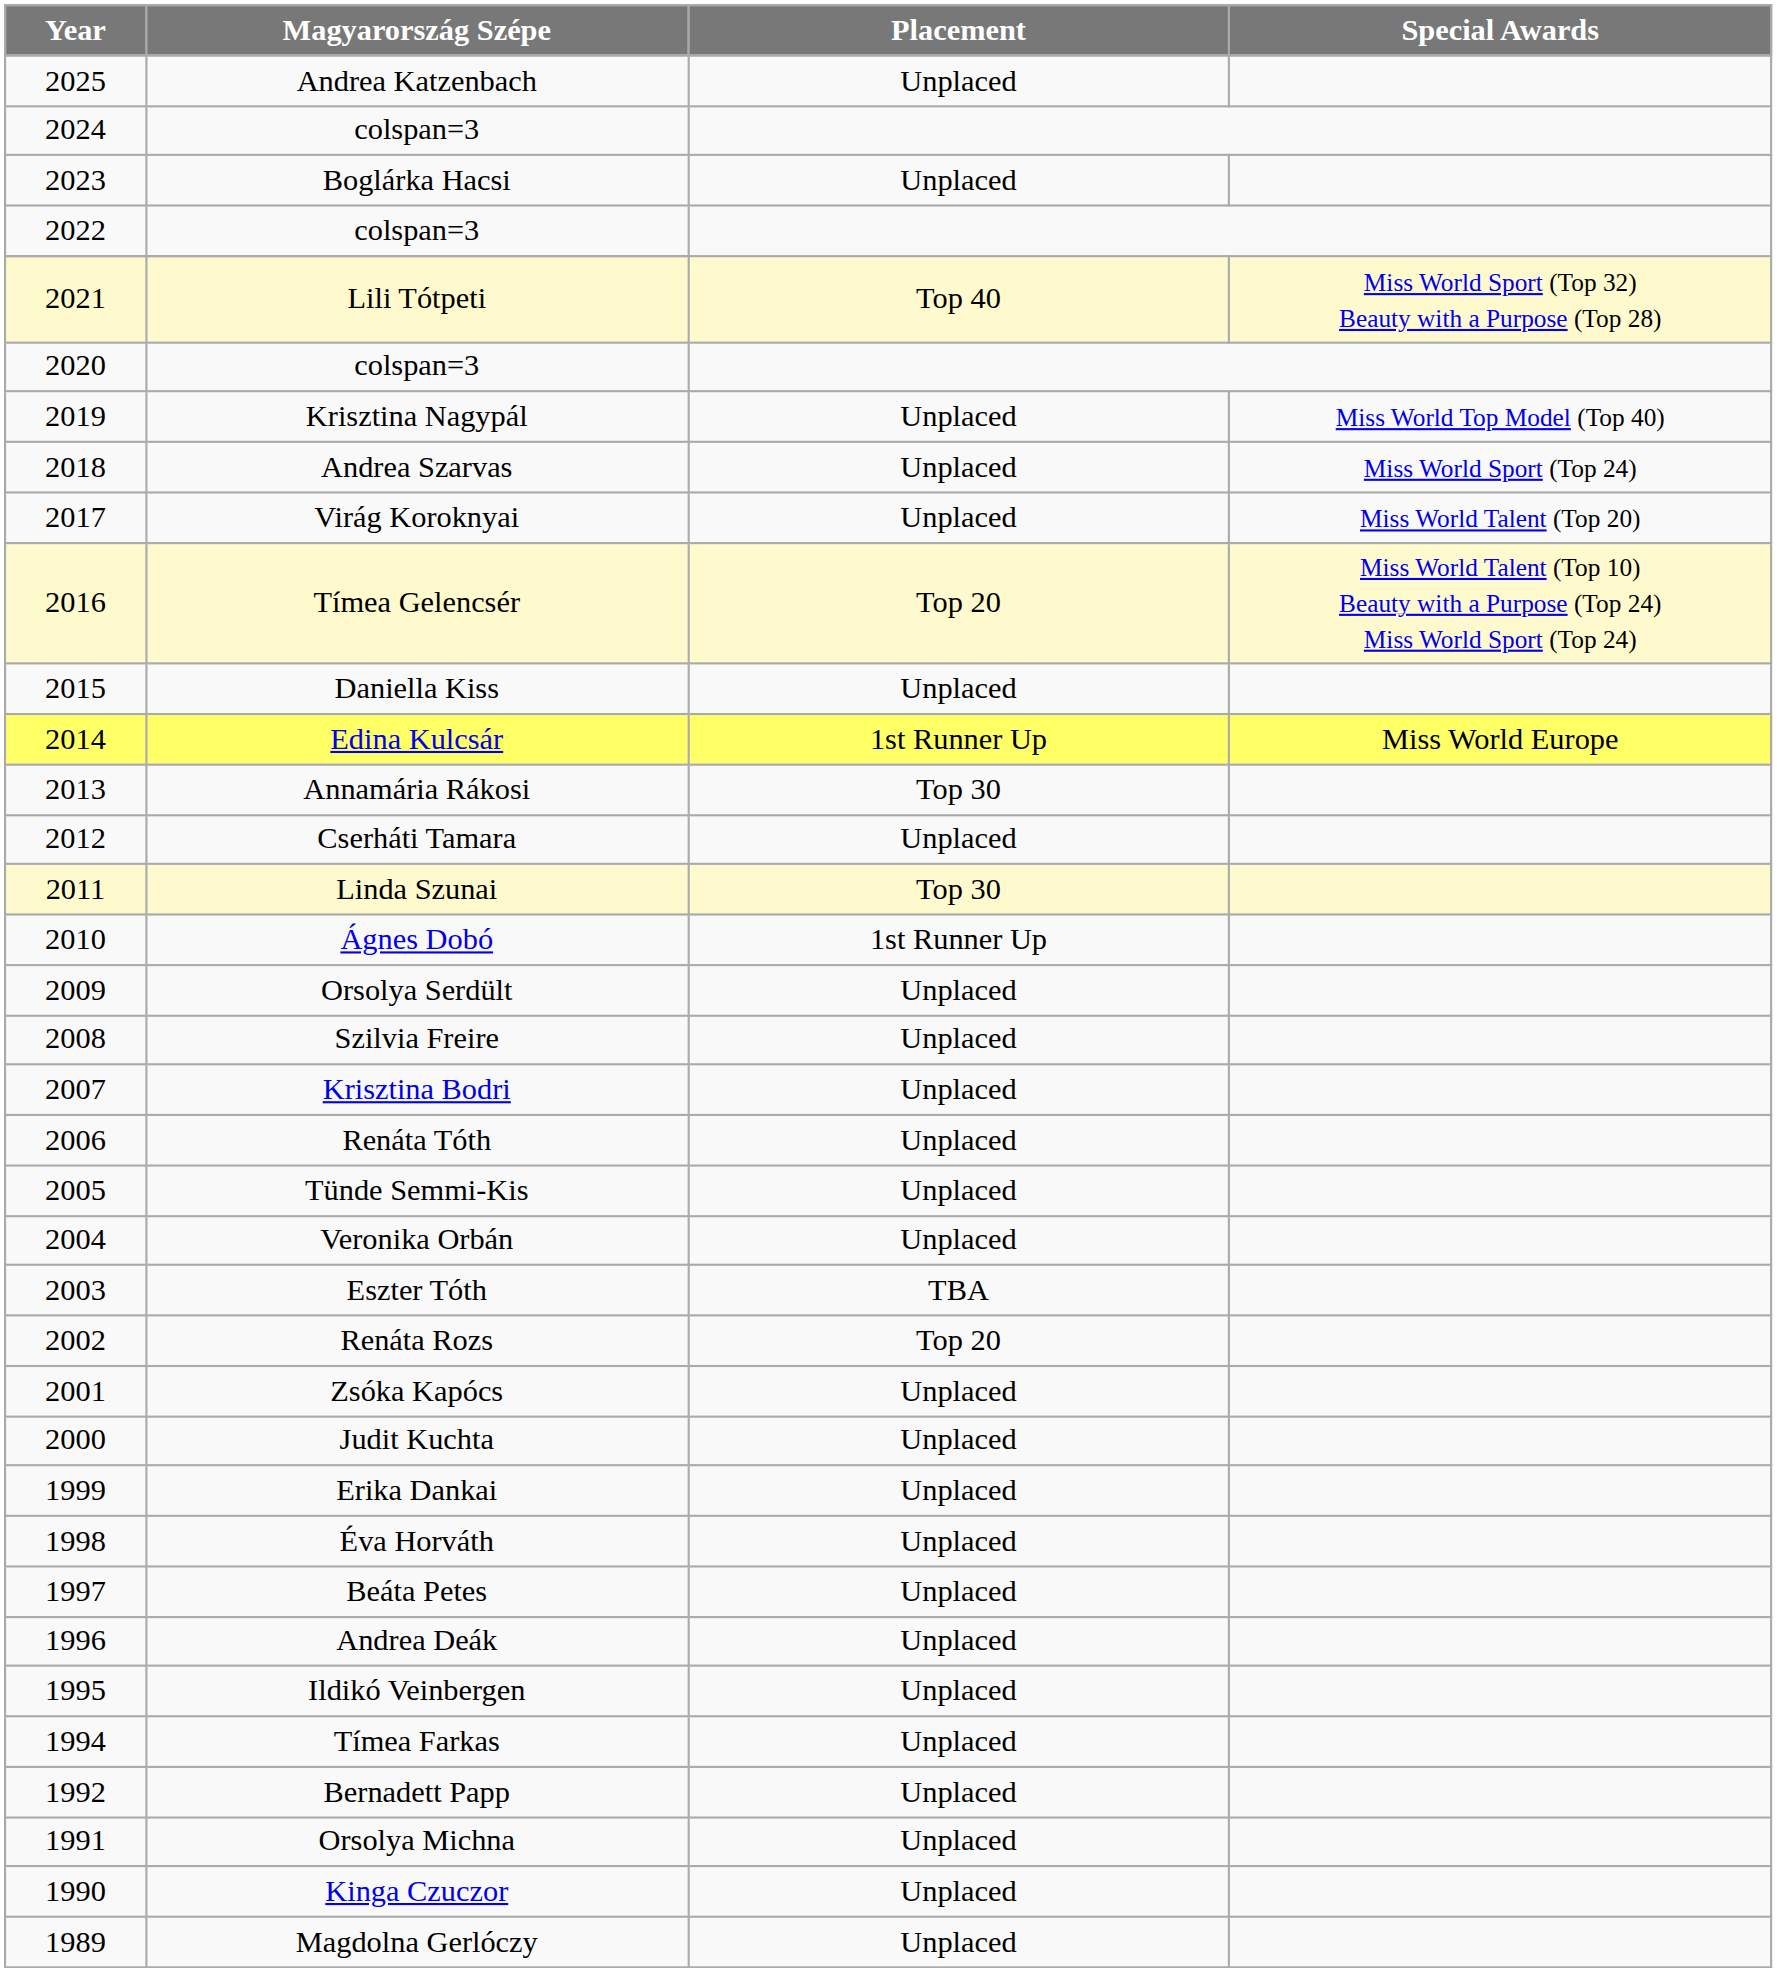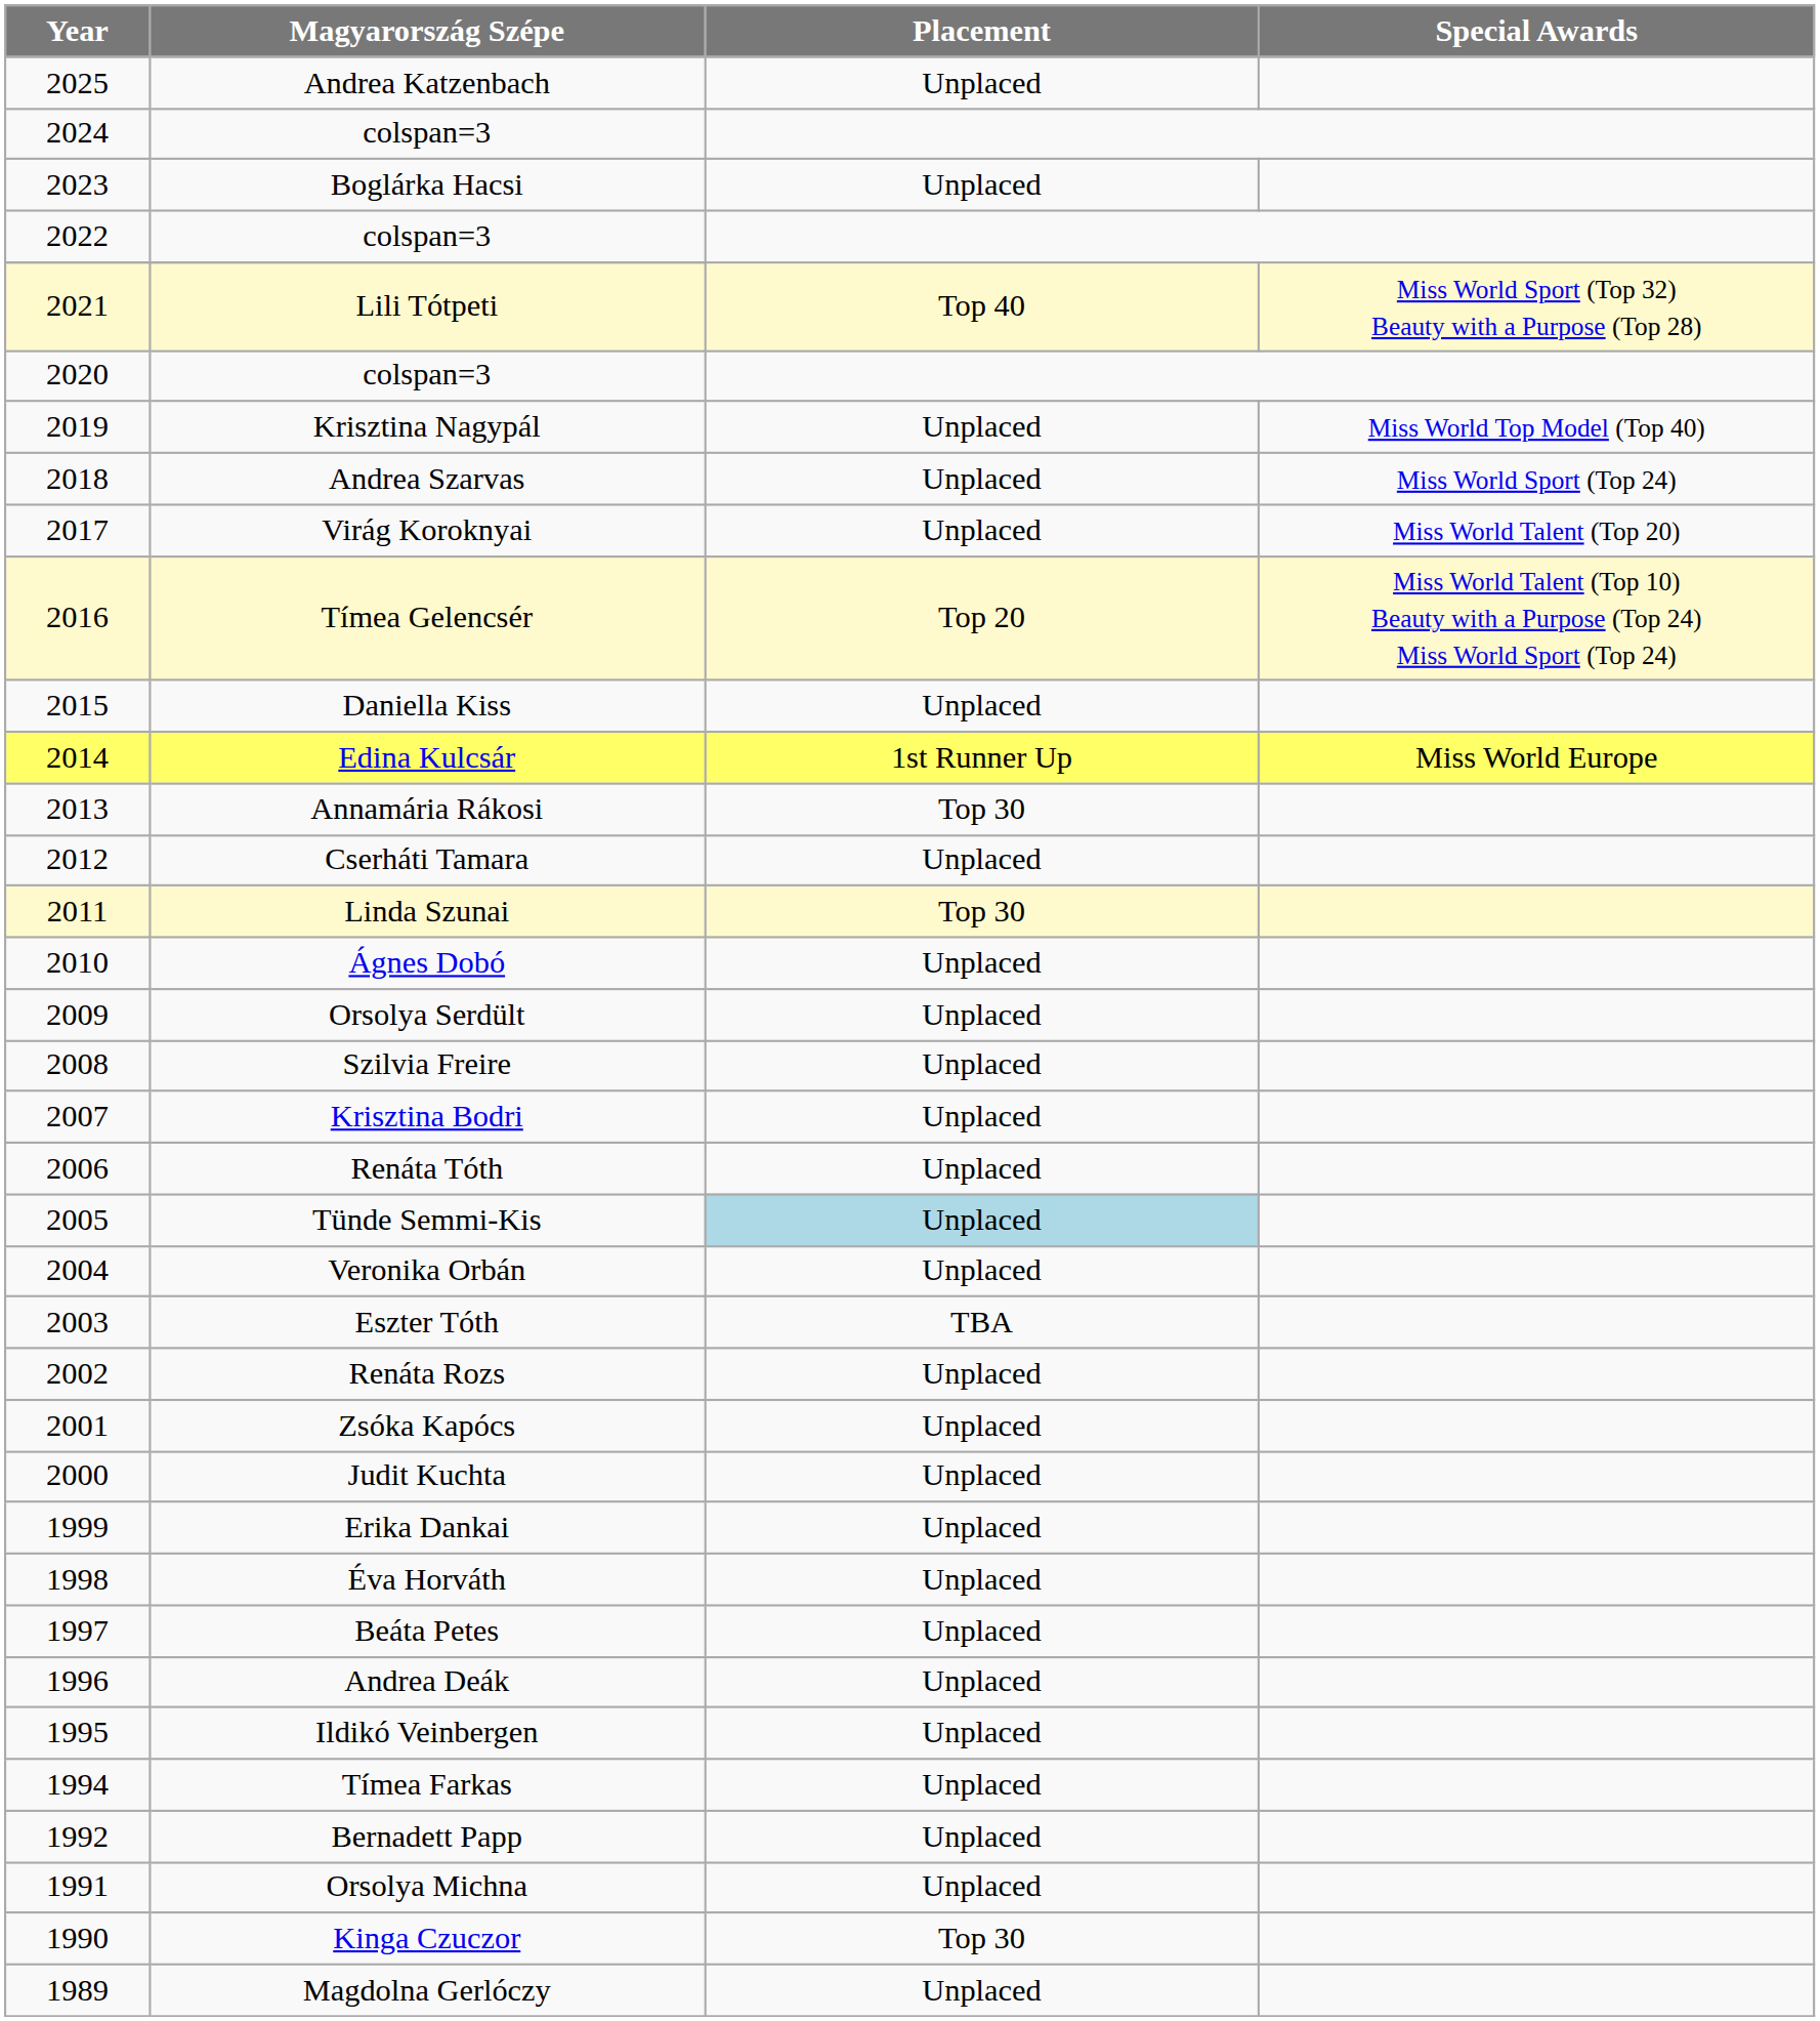 <table class="wikitable sortable" style="font-size: 90%; text-align:center">
 <tr>
 <th width="60" style="background-color:#787878;color:#FFFFFF;">Year</th>
 <th width="250" style="background-color:#787878;color:#FFFFFF;">Magyarország Szépe</th>
 <th width="250" style="background-color:#787878;color:#FFFFFF;">Placement</th>
 <th width="250" style="background-color:#787878;color:#FFFFFF;">Special Awards</th>
 </tr>
 <tr>
 <td>2025</td>
 <td>Andrea Katzenbach</td>
 <td>Unplaced</td>
 <td></td>
 </tr>
 <tr>
 <td>2024</td>
 <td>colspan=3 </td>
 </tr>
 <tr>
 <td>2023</td>
 <td>Boglárka Hacsi</td>
 <td>Unplaced</td>
 <td></td>
 </tr>
 <tr>
 <td>2022</td>
 <td>colspan=3 </td>
 </tr>
 <tr>
 </tr>
 <tr style="background-color:#FFFACD;">
 <td>2021</td>
 <td>Lili Tótpeti</td>
 <td>Top 40</td>
 <td><small><a href='#'>Miss World Sport</a> (Top 32)<br><a href='#'>Beauty with a Purpose</a> (Top 28)</small></td>
 </tr>
 <tr>
 <td>2020</td>
 <td>colspan=3 </td>
 </tr>
 <tr>
 <td>2019</td>
 <td>Krisztina Nagypál</td>
 <td>Unplaced</td>
 <td><small><a href='#'>Miss World Top Model</a> (Top 40)</small></td>
 </tr>
 <tr>
 <td>2018</td>
 <td>Andrea Szarvas</td>
 <td>Unplaced</td>
 <td><small><a href='#'>Miss World Sport</a> (Top 24)</small></td>
 </tr>
 <tr>
 <td>2017</td>
 <td>Virág Koroknyai</td>
 <td>Unplaced</td>
 <td><small><a href='#'>Miss World Talent</a> (Top 20)</small></td>
 </tr>
 <tr style="background-color:#FFFACD;">
 <td>2016</td>
 <td>Tímea Gelencsér</td>
 <td>Top 20</td>
 <td><small><a href='#'>Miss World Talent</a> (Top 10)<br><a href='#'>Beauty with a Purpose</a> (Top 24)<br><a href='#'>Miss World Sport</a> (Top 24)</small></td>
 </tr>
 <tr>
 <td>2015</td>
 <td>Daniella Kiss</td>
 <td>Unplaced</td>
 <td></td>
 </tr>
 <tr style="background-color:#FFFF66;">
 <td>2014</td>
 <td><a href='#'>Edina Kulcsár</a></td>
 <td>1st Runner Up</td>
 <td>Miss World Europe</td>
 </tr>
 <tr>
 <td>2013</td>
 <td>Annamária Rákosi</td>
 <td>Top 30</td>
 <td></td>
 </tr>
 <tr>
 <td>2012</td>
 <td>Cserháti Tamara</td>
 <td>Unplaced</td>
 <td></td>
 </tr>
 <tr style="background-color:#FFFACD;">
 <td>2011</td>
 <td>Linda Szunai</td>
 <td>Top 30</td>
 <td></td>
 </tr>
 <tr>
 <td>2010</td>
 <td><a href='#'>Ágnes Dobó</a></td>
-<td>1st Runner Up</td>
+<td>Unplaced</td>
 <td></td>
 </tr>
 <tr>
 <td>2009</td>
 <td>Orsolya Serdült</td>
 <td>Unplaced</td>
 <td></td>
 </tr>
 <tr>
 <td>2008</td>
 <td>Szilvia Freire</td>
 <td>Unplaced</td>
 <td></td>
 </tr>
 <tr>
 <td>2007</td>
 <td><a href='#'>Krisztina Bodri</a></td>
 <td>Unplaced</td>
 <td></td>
 </tr>
 <tr>
 <td>2006</td>
 <td>Renáta Tóth</td>
 <td>Unplaced</td>
 <td></td>
 </tr>
 <tr>
 <td>2005</td>
 <td>Tünde Semmi-Kis</td>
-<td>Unplaced</td>
+<td style="background: lightblue;">Unplaced</td>
 <td></td>
 </tr>
 <tr>
 <td>2004</td>
 <td>Veronika Orbán</td>
 <td>Unplaced</td>
 <td></td>
 </tr>
 <tr>
 <td>2003</td>
 <td>Eszter Tóth</td>
 <td>TBA</td>
 <td></td>
 </tr>
 <tr>
 <td>2002</td>
 <td>Renáta Rozs</td>
-<td>Top 20</td>
+<td>Unplaced</td>
 <td></td>
 </tr>
 <tr>
 <td>2001</td>
 <td>Zsóka Kapócs</td>
 <td>Unplaced</td>
 <td></td>
 </tr>
 <tr>
 <td>2000</td>
 <td>Judit Kuchta</td>
 <td>Unplaced</td>
 <td></td>
 </tr>
 <tr>
 <td>1999</td>
 <td>Erika Dankai</td>
 <td>Unplaced</td>
 <td></td>
 </tr>
 <tr>
 <td>1998</td>
 <td>Éva Horváth</td>
 <td>Unplaced</td>
 <td></td>
 </tr>
 <tr>
 <td>1997</td>
 <td>Beáta Petes</td>
 <td>Unplaced</td>
 <td></td>
 </tr>
 <tr>
 <td>1996</td>
 <td>Andrea Deák</td>
 <td>Unplaced</td>
 <td></td>
 </tr>
 <tr>
 <td>1995</td>
 <td>Ildikó Veinbergen</td>
 <td>Unplaced</td>
 <td></td>
 </tr>
 <tr>
 <td>1994</td>
 <td>Tímea Farkas</td>
 <td>Unplaced</td>
 <td></td>
 </tr>
 <tr>
 <td>1992</td>
 <td>Bernadett Papp</td>
 <td>Unplaced</td>
 <td></td>
 </tr>
 <tr>
 <td>1991</td>
 <td>Orsolya Michna</td>
 <td>Unplaced</td>
 <td></td>
 </tr>
 <tr>
 <td>1990</td>
 <td><a href='#'>Kinga Czuczor</a></td>
-<td>Unplaced</td>
+<td>Top 30</td>
 <td></td>
 </tr>
 <tr>
 <td>1989</td>
 <td>Magdolna Gerlóczy</td>
 <td>Unplaced</td>
 <td></td>
 </tr>
 </table>
